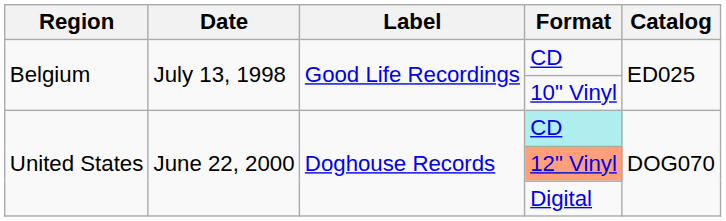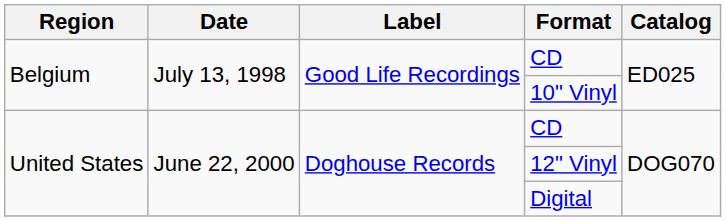 <table class="wikitable" summary="The Fists of Time has been released several times since 1998 across a variety of media and markets">
 <tr>
 <th scope="col">Region</th>
 <th scope="col">Date</th>
 <th scope="col">Label</th>
 <th scope="col">Format</th>
 <th scope="col">Catalog</th>
 </tr>
 <tr>
 <td rowspan="2">Belgium</td>
 <td rowspan="2">July 13, 1998</td>
 <td rowspan="2"><a href='#'>Good Life Recordings</a></td>
 <td><a href='#'>CD</a></td>
 <td rowspan="2">ED025</td>
 </tr>
 <tr>
 <td><a href='#'>10" Vinyl</a></td>
 </tr>
 <tr>
 <td rowspan="3">United States</td>
 <td rowspan="3">June 22, 2000</td>
 <td rowspan="3"><a href='#'>Doghouse Records</a></td>
-<td style="background: paleturquoise;"><a href='#'>CD</a></td>
+<td><a href='#'>CD</a></td>
 <td rowspan="3">DOG070</td>
 </tr>
 <tr>
-<td style="background: lightsalmon;"><a href='#'>12" Vinyl</a></td>
+<td><a href='#'>12" Vinyl</a></td>
 </tr>
 <tr>
 <td><a href='#'>Digital</a></td>
 </tr>
 </table>
